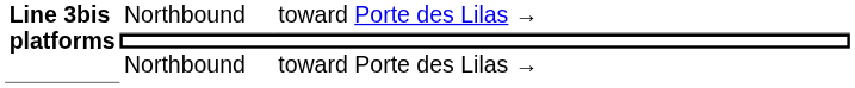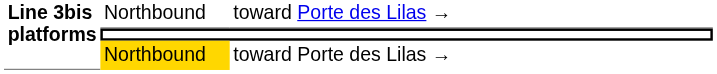 <table border=0 cellspacing=0 cellpadding=3>
 <tr>
 <td style="border-bottom:solid 1px gray;" width=50 rowspan=10 valign=top><strong>Line 3bis platforms</strong></td>
 <td style="border-bottom:solid 1px gray;" width=100>Northbound</td>
 <td style="border-bottom:solid 1px gray;" width=390>   toward <a href='#'>Porte des Lilas</a>  →</td>
 </tr>
 <tr>
 <td style="border-top:solid 2px black;border-right:solid 2px black;border-left:solid 2px black;border-bottom:solid 2px black;text-align:center;" colspan=2></td>
 </tr>
 <tr>
-<td>Northbound</td>
+<td style="background: gold;">Northbound</td>
 <td>   toward Porte des Lilas  →</td>
 </tr>
 </table>
